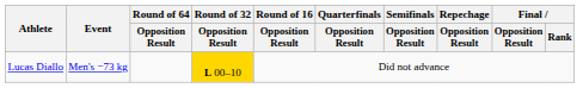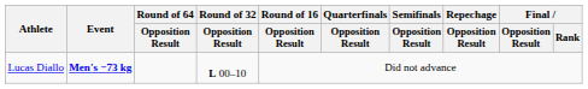 <table class="wikitable" style="font-size:90%">
 <tr>
 <th rowspan="2">Athlete</th>
 <th rowspan="2">Event</th>
 <th>Round of 64</th>
 <th>Round of 32</th>
 <th>Round of 16</th>
 <th>Quarterfinals</th>
 <th>Semifinals</th>
 <th>Repechage</th>
 <th colspan=2>Final / </th>
 </tr>
 <tr style="font-size:95%">
 <th>Opposition<br>Result</th>
 <th>Opposition<br>Result</th>
 <th>Opposition<br>Result</th>
 <th>Opposition<br>Result</th>
 <th>Opposition<br>Result</th>
 <th>Opposition<br>Result</th>
 <th>Opposition<br>Result</th>
 <th>Rank</th>
 </tr>
 <tr align=center>
 <td align=left><a href='#'>Lucas Diallo</a></td>
-<td align=left><a href='#'>Men's −73 kg</a></td>
+<td align=left><strong><a href='#'>Men's −73 kg</a></strong></td>
 <td></td>
-<td style="background: gold;"><br><strong>L</strong> 00–10</td>
+<td><br><strong>L</strong> 00–10</td>
 <td colspan=6>Did not advance</td>
 </tr>
 </table>
